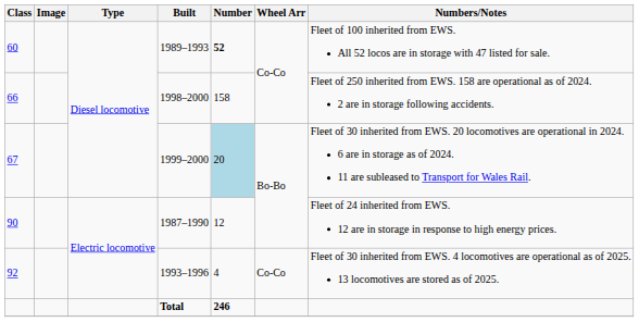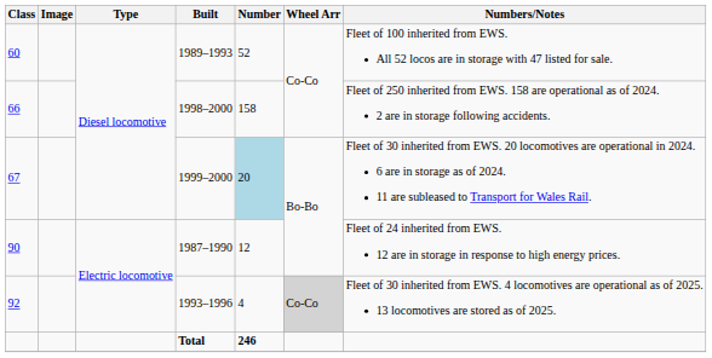 <table class="wikitable">
 <tr>
 <th align=left>Class</th>
 <th align=left>Image</th>
 <th align=left>Type</th>
 <th align=left>Built</th>
 <th align=left>Number</th>
 <th align=left>Wheel Arr</th>
 <th align=left>Numbers/Notes</th>
 </tr>
 <tr>
 <td><a href='#'>60</a></td>
 <td></td>
 <td rowspan="3"><a href='#'>Diesel locomotive</a></td>
 <td align=centre>1989–1993</td>
-<td align=centre><strong>52</strong></td>
+<td align=centre>52</td>
 <td rowspan="2">Co-Co</td>
 <td align=left>Fleet of 100 inherited from EWS.<br><ul><li>All 52 locos are in storage with 47 listed for sale.</li></ul></td>
 </tr>
 <tr>
 <td><a href='#'>66</a></td>
 <td></td>
 <td align=centre>1998–2000</td>
 <td align=centre>158</td>
 <td align=left>Fleet of 250 inherited from EWS. 158 are operational as of 2024.<br><ul><li>2 are in storage following accidents.</li></ul></td>
 </tr>
 <tr>
 <td><a href='#'>67</a></td>
 <td></td>
 <td align=centre>1999–2000</td>
 <td align=centre style="background: lightblue;">20</td>
 <td rowspan="2">Bo-Bo</td>
 <td align=left>Fleet of 30 inherited from EWS. 20 locomotives are operational in 2024.<br><ul><li>6 are in storage as of 2024.</li></ul><ul><li>11 are subleased to <a href='#'>Transport for Wales Rail</a>.</li></ul></td>
 </tr>
 <tr>
 <td><a href='#'>90</a></td>
 <td></td>
 <td rowspan="2"><a href='#'>Electric locomotive</a></td>
 <td align=centre>1987–1990</td>
 <td align=centre>12</td>
 <td align=left>Fleet of 24 inherited from EWS.<br><ul><li>12 are in storage in response to high energy prices.</li></ul></td>
 </tr>
 <tr>
 <td><a href='#'>92</a></td>
 <td></td>
 <td align=centre>1993–1996</td>
 <td align=centre>4</td>
-<td>Co-Co</td>
+<td style="background: lightgrey;">Co-Co</td>
 <td align=left>Fleet of 30 inherited from EWS. 4 locomotives are operational as of 2025.<br><ul><li>13 locomotives are stored as of 2025.</li></ul></td>
 </tr>
 <tr>
 <td></td>
 <td></td>
 <td></td>
 <td align=centre><strong>Total</strong></td>
 <td align=centre><strong>246</strong></td>
 <td></td>
 <td align=left></td>
 </tr>
 <tr>
 </tr>
 </table>
